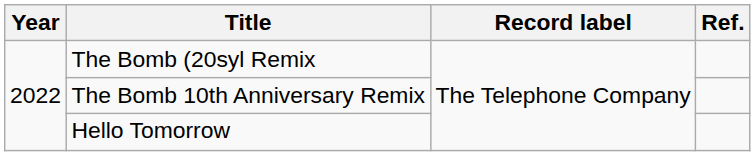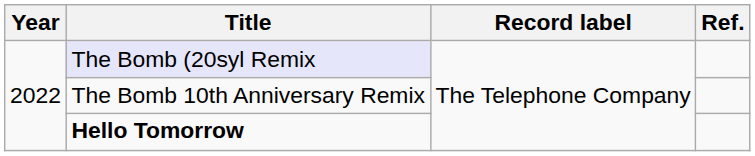 <table class="wikitable">
 <tr>
 <th>Year</th>
 <th>Title</th>
 <th>Record label</th>
 <th>Ref.</th>
 </tr>
 <tr>
 <td rowspan="3">2022</td>
-<td>The Bomb (20syl Remix</td>
+<td style="background: lavender;">The Bomb (20syl Remix</td>
 <td rowspan="3">The Telephone Company</td>
 <td></td>
 </tr>
 <tr>
 <td>The Bomb 10th Anniversary Remix</td>
 <td></td>
 </tr>
 <tr>
-<td>Hello Tomorrow</td>
+<td><strong>Hello Tomorrow</strong></td>
 <td></td>
 </tr>
 </table>
